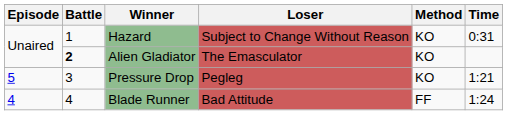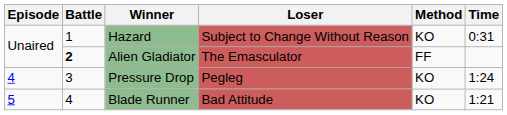 <table class="wikitable">
 <tr>
 <th>Episode</th>
 <th>Battle</th>
 <th>Winner</th>
 <th>Loser</th>
 <th>Method</th>
 <th>Time</th>
 </tr>
 <tr>
 <td rowspan="2">Unaired</td>
 <td>1</td>
 <td style="background:DarkSeaGreen;">Hazard</td>
 <td style="background:IndianRed;">Subject to Change Without Reason</td>
 <td>KO</td>
 <td>0:31</td>
 </tr>
 <tr>
 <td><strong>2</strong></td>
 <td style="background:DarkSeaGreen;">Alien Gladiator</td>
 <td style="background:IndianRed;">The Emasculator</td>
-<td>KO</td>
+<td>FF</td>
 <td></td>
 </tr>
 <tr>
-<td><a href='#'>5</a></td>
+<td><a href='#'>4</a></td>
 <td>3</td>
 <td style="background:DarkSeaGreen;">Pressure Drop</td>
 <td style="background:IndianRed;">Pegleg</td>
 <td>KO</td>
-<td>1:21</td>
+<td>1:24</td>
 </tr>
 <tr>
-<td><a href='#'>4</a></td>
+<td><a href='#'>5</a></td>
 <td>4</td>
 <td style="background:DarkSeaGreen;">Blade Runner</td>
 <td style="background:IndianRed;">Bad Attitude</td>
-<td>FF</td>
-<td>1:24</td>
+<td>KO</td>
+<td>1:21</td>
 </tr>
 </table>
